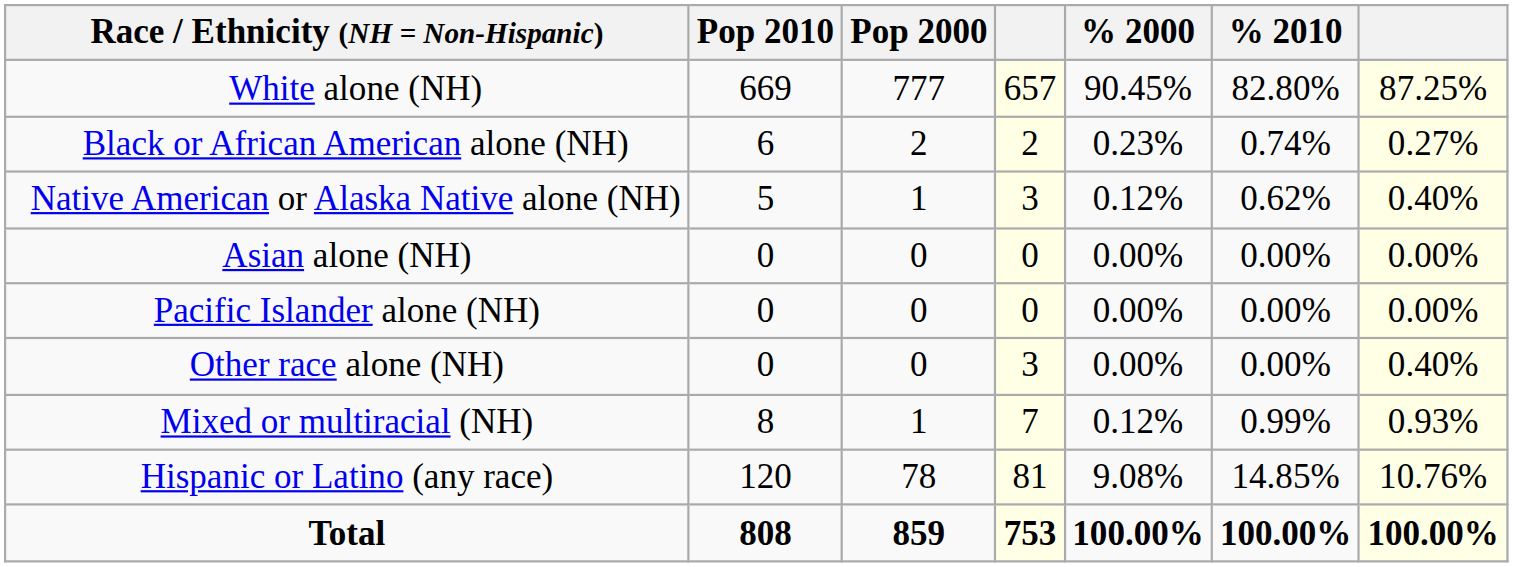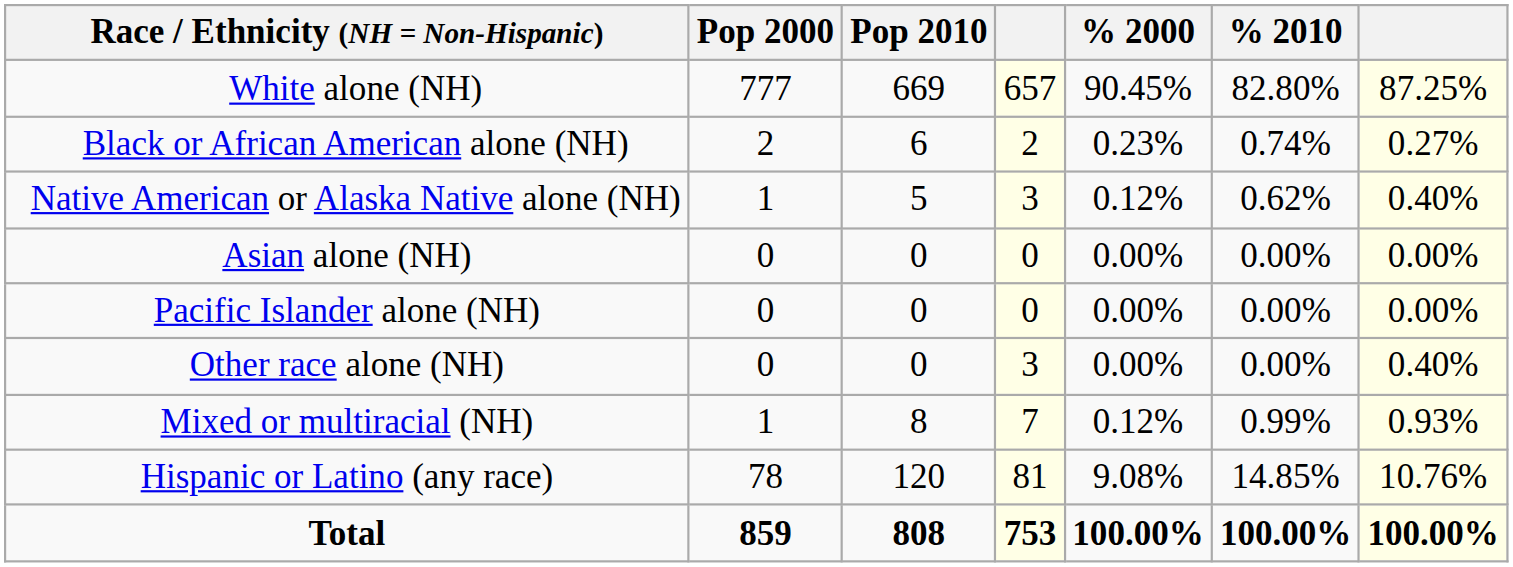 <table class="wikitable" style="text-align:center;">
 <tr>
 <th>Race / Ethnicity <small>(<em>NH = Non-Hispanic</em>)</small></th>
+<th>Pop 2000</th>
 <th>Pop 2010</th>
-<th>Pop 2000</th>
 <th></th>
 <th>% 2000</th>
 <th>% 2010</th>
 <th></th>
 </tr>
 <tr>
 <td>  <a href='#'>White</a> alone (NH)</td>
+<td>777</td>
 <td>669</td>
-<td>777</td>
 <td style='background: #ffffe6;'>657</td>
 <td>90.45%</td>
 <td>82.80%</td>
 <td style='background: #ffffe6;'>87.25%</td>
 </tr>
 <tr>
 <td>  <a href='#'>Black or African American</a> alone (NH)</td>
+<td>2</td>
 <td>6</td>
-<td>2</td>
 <td style='background: #ffffe6;'>2</td>
 <td>0.23%</td>
 <td>0.74%</td>
 <td style='background: #ffffe6;'>0.27%</td>
 </tr>
 <tr>
 <td>  <a href='#'>Native American</a> or <a href='#'>Alaska Native</a> alone (NH)</td>
+<td>1</td>
 <td>5</td>
-<td>1</td>
 <td style='background: #ffffe6;'>3</td>
 <td>0.12%</td>
 <td>0.62%</td>
 <td style='background: #ffffe6;'>0.40%</td>
 </tr>
 <tr>
 <td><a href='#'>Asian</a> alone (NH)</td>
 <td>0</td>
 <td>0</td>
 <td style='background: #ffffe6;'>0</td>
 <td>0.00%</td>
 <td>0.00%</td>
 <td style='background: #ffffe6;'>0.00%</td>
 </tr>
 <tr>
 <td><a href='#'>Pacific Islander</a> alone (NH)</td>
 <td>0</td>
 <td>0</td>
 <td style='background: #ffffe6;'>0</td>
 <td>0.00%</td>
 <td>0.00%</td>
 <td style='background: #ffffe6;'>0.00%</td>
 </tr>
 <tr>
 <td><a href='#'>Other race</a> alone (NH)</td>
 <td>0</td>
 <td>0</td>
 <td style='background: #ffffe6;'>3</td>
 <td>0.00%</td>
 <td>0.00%</td>
 <td style='background: #ffffe6;'>0.40%</td>
 </tr>
 <tr>
 <td><a href='#'>Mixed or multiracial</a> (NH)</td>
+<td>1</td>
 <td>8</td>
-<td>1</td>
 <td style='background: #ffffe6;'>7</td>
 <td>0.12%</td>
 <td>0.99%</td>
 <td style='background: #ffffe6;'>0.93%</td>
 </tr>
 <tr>
 <td><a href='#'>Hispanic or Latino</a> (any race)</td>
+<td>78</td>
 <td>120</td>
-<td>78</td>
 <td style='background: #ffffe6;'>81</td>
 <td>9.08%</td>
 <td>14.85%</td>
 <td style='background: #ffffe6;'>10.76%</td>
 </tr>
 <tr>
 <td><strong>Total</strong></td>
+<td><strong>859</strong></td>
 <td><strong>808</strong></td>
-<td><strong>859</strong></td>
 <td style='background: #ffffe6;'><strong>753</strong></td>
 <td><strong>100.00%</strong></td>
 <td><strong>100.00%</strong></td>
 <td style='background: #ffffe6;'><strong>100.00%</strong></td>
 </tr>
 </table>
